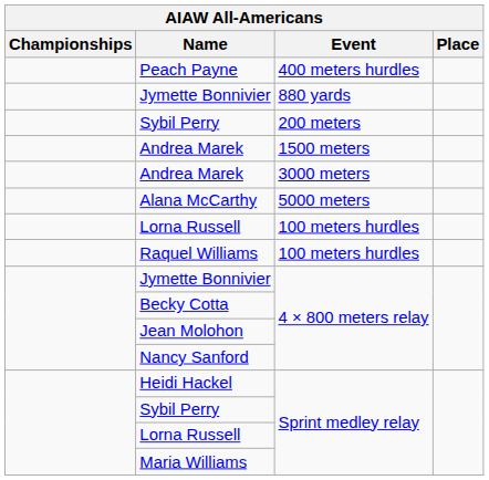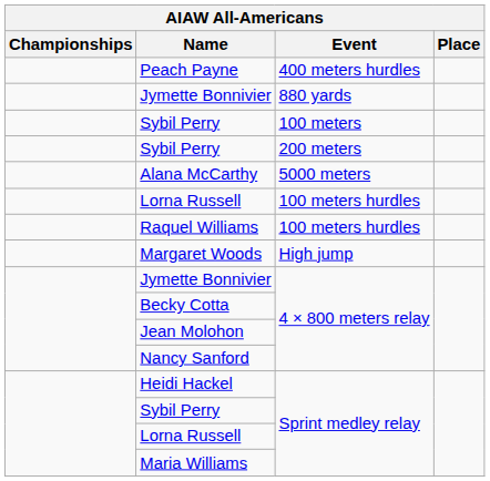 <table class="wikitable sortable">
 <tr>
 <th colspan="4">AIAW All-Americans</th>
 </tr>
 <tr>
 <th scope="col">Championships</th>
 <th scope="col">Name</th>
 <th scope="col">Event</th>
 <th scope="col">Place</th>
 </tr>
 <tr>
 <td></td>
 <td><a href='#'>Peach Payne</a></td>
 <td><a href='#'>400 meters hurdles</a></td>
 <td></td>
 </tr>
 <tr>
 <td></td>
 <td><a href='#'>Jymette Bonnivier</a></td>
 <td><a href='#'>880 yards</a></td>
 <td></td>
 </tr>
 <tr>
 <td></td>
 <td><a href='#'>Sybil Perry</a></td>
-<td><a href='#'>200 meters</a></td>
+<td><a href='#'>100 meters</a></td>
 <td></td>
 </tr>
 <tr>
 <td></td>
-<td><a href='#'>Andrea Marek</a></td>
-<td><a href='#'>1500 meters</a></td>
-<td></td>
-</tr>
-<tr>
-<td></td>
-<td><a href='#'>Andrea Marek</a></td>
-<td><a href='#'>3000 meters</a></td>
+<td><a href='#'>Sybil Perry</a></td>
+<td><a href='#'>200 meters</a></td>
 <td></td>
 </tr>
 <tr>
 <td></td>
 <td><a href='#'>Alana McCarthy</a></td>
 <td><a href='#'>5000 meters</a></td>
 <td></td>
 </tr>
 <tr>
 <td></td>
 <td><a href='#'>Lorna Russell</a></td>
 <td><a href='#'>100 meters hurdles</a></td>
 <td></td>
 </tr>
 <tr>
 <td></td>
 <td><a href='#'>Raquel Williams</a></td>
 <td><a href='#'>100 meters hurdles</a></td>
+<td></td>
+</tr>
+<tr>
+<td></td>
+<td><a href='#'>Margaret Woods</a></td>
+<td><a href='#'>High jump</a></td>
 <td></td>
 </tr>
 <tr>
 <td rowspan=4></td>
 <td><a href='#'>Jymette Bonnivier</a></td>
 <td rowspan=4><a href='#'>4 × 800 meters relay</a></td>
 <td rowspan=4></td>
 </tr>
 <tr>
 <td><a href='#'>Becky Cotta</a></td>
 </tr>
 <tr>
 <td><a href='#'>Jean Molohon</a></td>
 </tr>
 <tr>
 <td><a href='#'>Nancy Sanford</a></td>
 </tr>
 <tr>
 <td rowspan=4></td>
 <td><a href='#'>Heidi Hackel</a></td>
 <td rowspan=4><a href='#'>Sprint medley relay</a></td>
 <td rowspan=4></td>
 </tr>
 <tr>
 <td><a href='#'>Sybil Perry</a></td>
 </tr>
 <tr>
 <td><a href='#'>Lorna Russell</a></td>
 </tr>
 <tr>
 <td><a href='#'>Maria Williams</a></td>
 </tr>
 </table>
